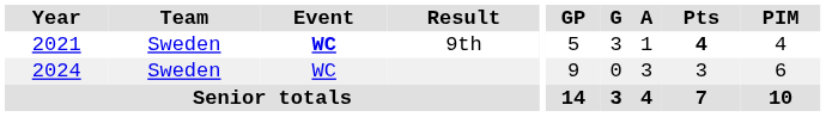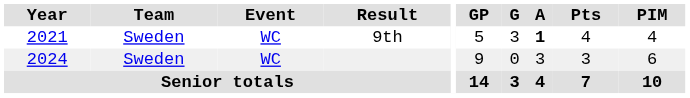 <table border="0" cellpadding="1" cellspacing="0" ID="Table3" style="text-align:center; width:40em">
 <tr ALIGN="center" bgcolor="#e0e0e0">
 <th>Year</th>
 <th>Team</th>
 <th>Event</th>
 <th>Result</th>
 <th rowspan="99" bgcolor="#ffffff"></th>
 <th>GP</th>
 <th>G</th>
 <th>A</th>
 <th>Pts</th>
 <th>PIM</th>
 </tr>
 <tr>
 <td><a href='#'>2021</a></td>
 <td><a href='#'>Sweden</a></td>
-<td><strong><a href='#'>WC</a></strong></td>
+<td><a href='#'>WC</a></td>
 <td>9th</td>
 <td>5</td>
 <td>3</td>
-<td>1</td>
-<td><strong>4</strong></td>
+<td><strong>1</strong></td>
+<td>4</td>
 <td>4</td>
 </tr>
 <tr bgcolor="#f0f0f0">
 <td><a href='#'>2024</a></td>
 <td><a href='#'>Sweden</a></td>
 <td><a href='#'>WC</a></td>
 <td></td>
 <td>9</td>
 <td>0</td>
 <td>3</td>
 <td>3</td>
 <td>6<br></td>
 </tr>
 <tr bgcolor="#e0e0e0">
 <th colspan="4">Senior totals</th>
 <th>14</th>
 <th>3</th>
 <th>4</th>
 <th>7</th>
 <th>10</th>
 </tr>
 </table>
